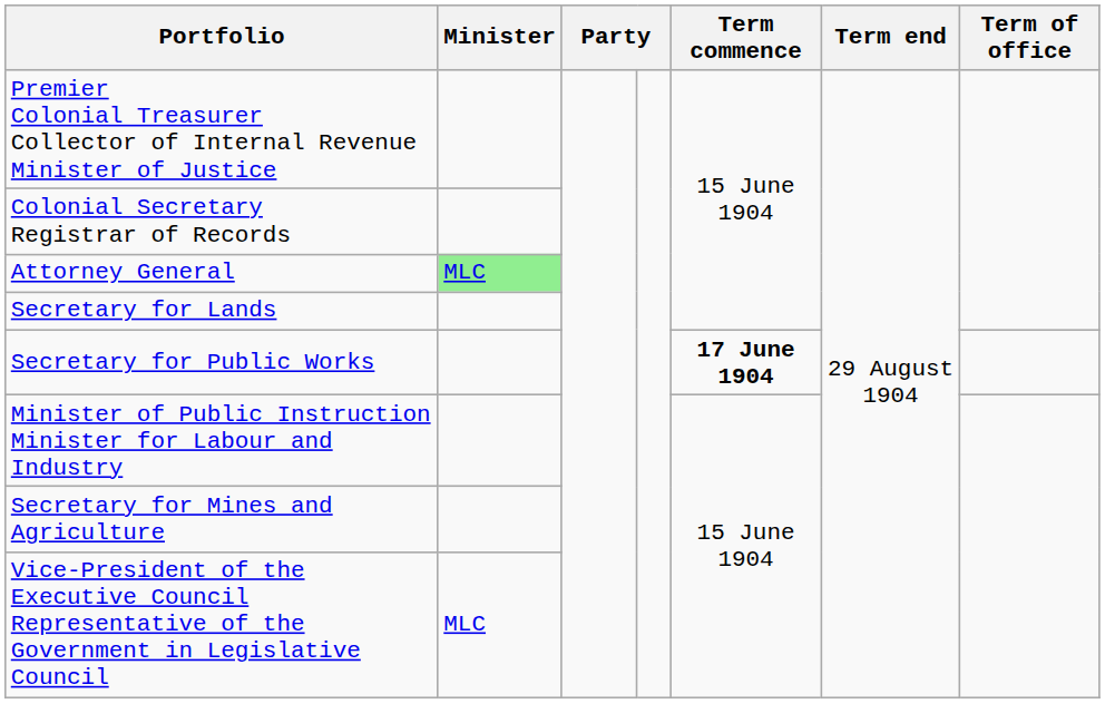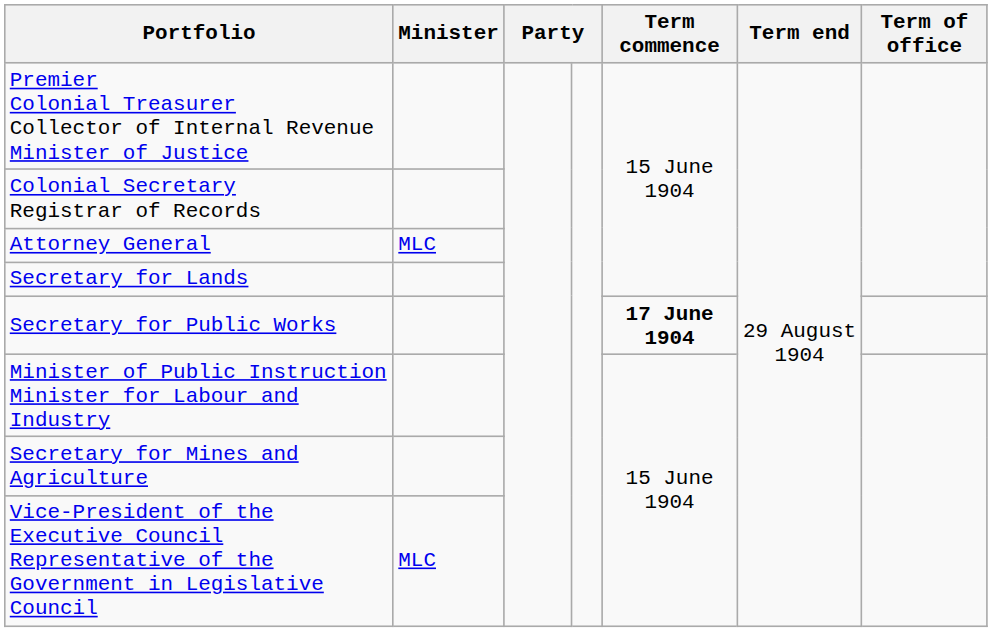 <table class="wikitable sortable">
 <tr>
 <th>Portfolio</th>
 <th>Minister</th>
 <th colspan=2 width=10%>Party</th>
 <th>Term commence</th>
 <th>Term end</th>
 <th>Term of office</th>
 </tr>
 <tr>
 <td><a href='#'>Premier</a><br><a href='#'>Colonial Treasurer</a><br>Collector of Internal Revenue<br><a href='#'>Minister of Justice</a></td>
 <td></td>
 <td rowspan="8" > </td>
 <td rowspan="8"></td>
 <td rowspan="4" align="center">15 June 1904</td>
 <td rowspan="8" align="center">29 August 1904</td>
 <td rowspan="4" align="center"></td>
 </tr>
 <tr>
 <td><a href='#'>Colonial Secretary</a><br>Registrar of Records</td>
 <td></td>
 </tr>
 <tr>
 <td><a href='#'>Attorney General</a></td>
-<td style="background: lightgreen;"> <a href='#'>MLC</a></td>
+<td> <a href='#'>MLC</a></td>
 </tr>
 <tr>
 <td><a href='#'>Secretary for Lands</a></td>
 <td></td>
 </tr>
 <tr>
 <td><a href='#'>Secretary for Public Works</a></td>
 <td></td>
 <td align="center"><strong>17 June 1904</strong></td>
 <td align="center"></td>
 </tr>
 <tr>
 <td><a href='#'>Minister of Public Instruction</a><br><a href='#'>Minister for Labour and Industry</a></td>
 <td></td>
 <td rowspan="3" align="center">15 June 1904</td>
 <td rowspan="3" align="center"></td>
 </tr>
 <tr>
 <td><a href='#'>Secretary for Mines and Agriculture</a></td>
 <td></td>
 </tr>
 <tr>
 <td><a href='#'>Vice-President of the Executive Council</a><br><a href='#'>Representative of the Government in Legislative Council</a></td>
 <td> <a href='#'>MLC</a></td>
 </tr>
 </table>
